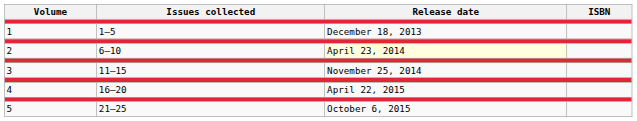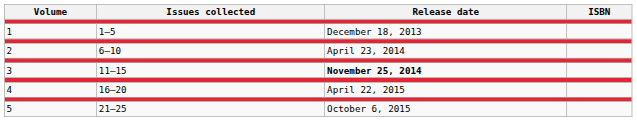 <table class="wikitable" style="width:70%";>
 <tr>
 <th>Volume</th>
 <th>Issues collected</th>
 <th>Release date</th>
 <th>ISBN</th>
 </tr>
 <tr>
 <td colspan="6" style="background:#e32636;"></td>
 </tr>
 <tr>
 <td>1</td>
 <td>1–5</td>
 <td>December 18, 2013</td>
 <td></td>
 </tr>
 <tr>
 <td colspan="6" style="background:#e32636;"></td>
 </tr>
 <tr>
 <td>2</td>
 <td>6–10</td>
-<td style="background: lightyellow;">April 23, 2014</td>
+<td>April 23, 2014</td>
 <td></td>
 </tr>
 <tr>
 <td colspan="6" style="background:#e32636;"></td>
 </tr>
 <tr>
 <td>3</td>
 <td>11–15</td>
-<td>November 25, 2014</td>
+<td><strong>November 25, 2014</strong></td>
 <td></td>
 </tr>
 <tr>
 <td colspan="6" style="background:#e32636;"></td>
 </tr>
 <tr>
 <td>4</td>
 <td>16–20</td>
 <td>April 22, 2015</td>
 <td></td>
 </tr>
 <tr>
 <td colspan="6" style="background:#e32636;"></td>
 </tr>
 <tr>
 <td>5</td>
 <td>21–25</td>
 <td>October 6, 2015</td>
 <td></td>
 </tr>
 </table>
